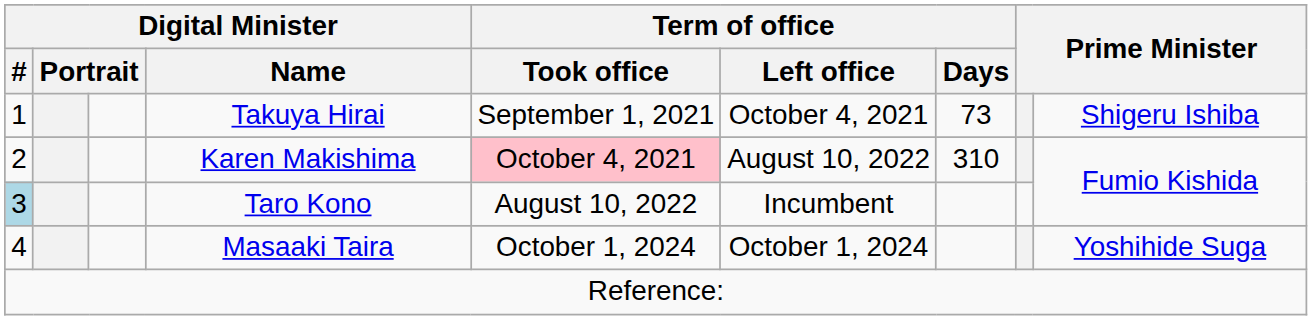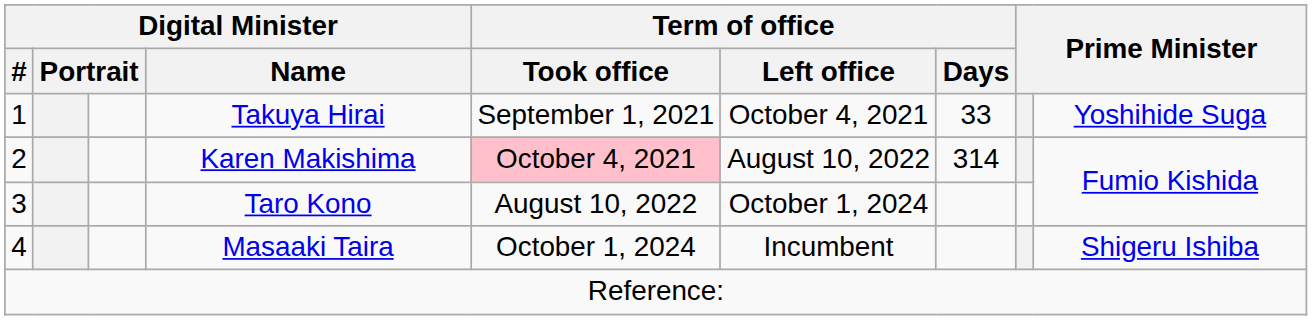 <table class="wikitable"  style="text-align:center">
 <tr>
 <th colspan=4>Digital Minister</th>
 <th colspan=3>Term of office</th>
 <th style="width:160px;" rowspan=2 colspan=2>Prime Minister</th>
 </tr>
 <tr>
 <th>#</th>
 <th colspan=2>Portrait</th>
 <th width=180px>Name</th>
 <th>Took office</th>
 <th>Left office</th>
 <th>Days</th>
 </tr>
 <tr>
 <td>1</td>
 <th style="background-color: "></th>
 <td></td>
 <td><a href='#'>Takuya Hirai</a></td>
 <td>September 1, 2021</td>
 <td>October 4, 2021</td>
-<td>73</td>
+<td>33</td>
 <th style="background-color: "></th>
-<td><a href='#'>Shigeru Ishiba</a></td>
+<td rowspan=1><a href='#'>Yoshihide Suga</a></td>
 </tr>
 <tr>
 <td>2</td>
 <th style="background-color: "></th>
 <td></td>
 <td><a href='#'>Karen Makishima</a></td>
 <td style="background: pink;">October 4, 2021</td>
 <td>August 10, 2022</td>
-<td>310</td>
+<td>314</td>
 <th style="background-color: "></th>
 <td rowspan=2><a href='#'>Fumio Kishida</a></td>
 </tr>
 <tr>
-<td style="background: lightblue;">3</td>
+<td>3</td>
 <th style="background-color: "></th>
 <td></td>
 <td><a href='#'>Taro Kono</a></td>
 <td>August 10, 2022</td>
-<td>Incumbent</td>
+<td>October 1, 2024</td>
 <td></td>
 </tr>
 <tr>
 <td>4</td>
 <th style="background-color: "></th>
 <td></td>
 <td><a href='#'>Masaaki Taira</a></td>
 <td>October 1, 2024</td>
-<td>October 1, 2024</td>
+<td>Incumbent</td>
 <td></td>
 <th style="background-color: "></th>
-<td rowspan=1><a href='#'>Yoshihide Suga</a></td>
+<td><a href='#'>Shigeru Ishiba</a></td>
 </tr>
 <tr>
 <td colspan="9">Reference: </td>
 </tr>
 </table>
